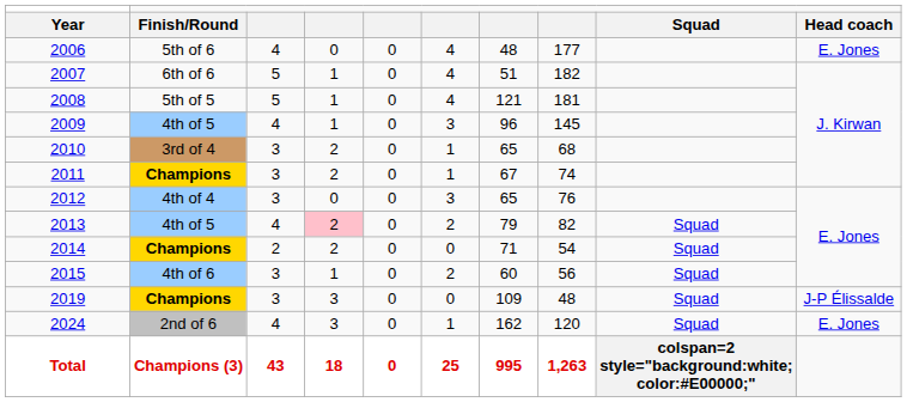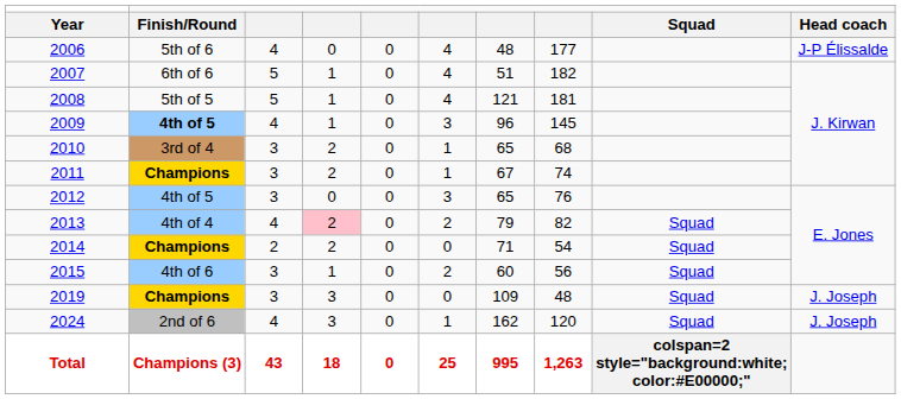 <table class="wikitable" style="text-align:center">
 <tr>
 <th style="background:white; color:#E00000; "> </th>
 </tr>
 <tr>
 <th width=120px scope="col">Year</th>
 <th scope="col">Finish/Round</th>
 <th width=52px scope="col"></th>
 <th width=52px scope="col"></th>
 <th width=52px scope="col"></th>
 <th width=52px scope="col"></th>
 <th width=52px scope="col"></th>
 <th width=52px scope="col"></th>
 <th width=60px scope="col">Squad</th>
 <th width=100px scope="col">Head coach</th>
 </tr>
 <tr>
 <td><a href='#'>2006</a></td>
 <td>5th of 6</td>
 <td>4</td>
 <td>0</td>
 <td>0</td>
 <td>4</td>
 <td>48</td>
 <td>177</td>
 <td></td>
-<td><a href='#'>E. Jones</a></td>
+<td><a href='#'>J-P Élissalde</a></td>
 </tr>
 <tr>
 <td><a href='#'>2007</a></td>
 <td>6th of 6</td>
 <td>5</td>
 <td>1</td>
 <td>0</td>
 <td>4</td>
 <td>51</td>
 <td>182</td>
 <td></td>
 <td rowspan=5><a href='#'>J. Kirwan</a></td>
 </tr>
 <tr>
 <td><a href='#'>2008</a></td>
 <td>5th of 5</td>
 <td>5</td>
 <td>1</td>
 <td>0</td>
 <td>4</td>
 <td>121</td>
 <td>181</td>
 <td></td>
 </tr>
 <tr>
 <td><a href='#'>2009</a></td>
-<td style="background:#9ACDFF;">4th of 5</td>
+<td style="background:#9ACDFF;"><strong>4th of 5</strong></td>
 <td>4</td>
 <td>1</td>
 <td>0</td>
 <td>3</td>
 <td>96</td>
 <td>145</td>
 <td></td>
 </tr>
 <tr>
 <td><a href='#'>2010</a></td>
 <td style="background:#C96">3rd of 4</td>
 <td>3</td>
 <td>2</td>
 <td>0</td>
 <td>1</td>
 <td>65</td>
 <td>68</td>
 <td></td>
 </tr>
 <tr>
 <td><a href='#'>2011</a></td>
 <td style="background:Gold"><strong>Champions</strong></td>
 <td>3</td>
 <td>2</td>
 <td>0</td>
 <td>1</td>
 <td>67</td>
 <td>74</td>
 <td></td>
 </tr>
 <tr>
 <td><a href='#'>2012</a></td>
-<td style="background:#9ACDFF;">4th of 4</td>
+<td style="background:#9ACDFF;">4th of 5</td>
 <td>3</td>
 <td>0</td>
 <td>0</td>
 <td>3</td>
 <td>65</td>
 <td>76</td>
 <td></td>
 <td rowspan=4><a href='#'>E. Jones</a></td>
 </tr>
 <tr>
 <td><a href='#'>2013</a></td>
-<td style="background:#9ACDFF;">4th of 5</td>
+<td style="background:#9ACDFF;">4th of 4</td>
 <td>4</td>
 <td style="background: pink;">2</td>
 <td>0</td>
 <td>2</td>
 <td>79</td>
 <td>82</td>
 <td><a href='#'>Squad</a></td>
 </tr>
 <tr>
 <td><a href='#'>2014</a></td>
 <td style="background:Gold"><strong>Champions</strong></td>
 <td>2</td>
 <td>2</td>
 <td>0</td>
 <td>0</td>
 <td>71</td>
 <td>54</td>
 <td><a href='#'>Squad</a></td>
 </tr>
 <tr>
 <td><a href='#'>2015</a></td>
 <td style="background:#9ACDFF;">4th of 6</td>
 <td>3</td>
 <td>1</td>
 <td>0</td>
 <td>2</td>
 <td>60</td>
 <td>56</td>
 <td><a href='#'>Squad</a></td>
 </tr>
 <tr>
 <td><a href='#'>2019</a></td>
 <td style="background:Gold"><strong>Champions</strong></td>
 <td>3</td>
 <td>3</td>
 <td>0</td>
 <td>0</td>
 <td>109</td>
 <td>48</td>
 <td><a href='#'>Squad</a></td>
-<td><a href='#'>J-P Élissalde</a></td>
+<td><a href='#'>J. Joseph</a></td>
 </tr>
 <tr>
 <td><a href='#'>2024</a></td>
 <td bgcolor=Silver>2nd of 6</td>
 <td>4</td>
 <td>3</td>
 <td>0</td>
 <td>1</td>
 <td>162</td>
 <td>120</td>
 <td><a href='#'>Squad</a></td>
-<td><a href='#'>E. Jones</a></td>
+<td><a href='#'>J. Joseph</a></td>
 </tr>
 <tr>
 <th style="background:white; color:#E00000; ">Total</th>
 <th style="background:white; color:#E00000; ">Champions (3)</th>
 <th style="background:white; color:#E00000; ">43</th>
 <th style="background:white; color:#E00000; ">18</th>
 <th style="background:white; color:#E00000; ">0</th>
 <th style="background:white; color:#E00000; ">25</th>
 <th style="background:white; color:#E00000; ">995</th>
 <th style="background:white; color:#E00000; ">1,263</th>
 <th>colspan=2 style="background:white; color:#E00000;" </th>
 </tr>
 </table>
